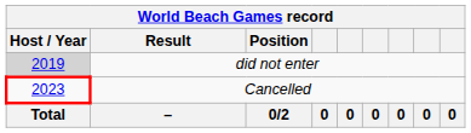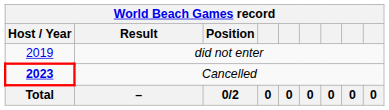 <table class="wikitable" style="text-align: center;">
 <tr>
 <th colspan="9"><a href='#'>World Beach Games</a> record</th>
 </tr>
 <tr>
 <th>Host / Year</th>
 <th width=160>Result</th>
 <th>Position</th>
 <th width="20"></th>
 <th width="20"></th>
 <th width="20"></th>
 <th width="20"></th>
 <th width="20"></th>
 <th width="20"></th>
 </tr>
 <tr>
-<td style="background: lightgrey;"> <a href='#'>2019</a></td>
+<td> <a href='#'>2019</a></td>
 <td colspan="8"><em>did not enter</em></td>
 </tr>
 <tr>
-<td style="border: 3px solid red"> <a href='#'>2023</a></td>
+<td style="border: 3px solid red"><strong> <a href='#'>2023</a></strong></td>
 <td colspan="8"><em>Cancelled</em></td>
 </tr>
 <tr>
 <th>Total</th>
 <th>–</th>
 <th>0/2</th>
 <th>0</th>
 <th>0</th>
 <th>0</th>
 <th>0</th>
 <th>0</th>
 <th>0</th>
 </tr>
 </table>
